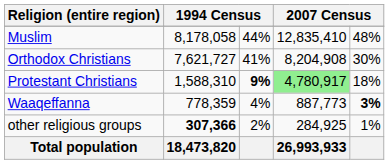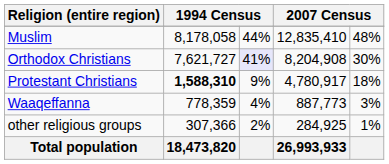 <table class="wikitable" style="text-align: right;">
 <tr bgcolor="#e0e0e0">
 <th rowspan="1">Religion (entire region)</th>
 <th colspan="2">1994 Census</th>
 <th colspan="2">2007 Census</th>
 </tr>
 <tr bgcolor="#e0e0e0">
 </tr>
 <tr>
 <td align="left"><a href='#'>Muslim</a></td>
 <td>8,178,058</td>
 <td>44%</td>
 <td>12,835,410</td>
 <td>48%</td>
 </tr>
 <tr>
 <td align="left"><a href='#'>Orthodox Christians</a></td>
 <td>7,621,727</td>
-<td>41%</td>
+<td style="background: lavender;">41%</td>
 <td>8,204,908</td>
 <td>30%</td>
 </tr>
 <tr>
 <td align="left"><a href='#'>Protestant Christians</a></td>
-<td>1,588,310</td>
-<td><strong>9%</strong></td>
-<td style="background: lightgreen;">4,780,917</td>
+<td><strong>1,588,310</strong></td>
+<td>9%</td>
+<td>4,780,917</td>
 <td>18%</td>
 </tr>
 <tr>
 <td align="left"><a href='#'>Waaqeffanna</a></td>
 <td>778,359</td>
 <td>4%</td>
 <td>887,773</td>
-<td><strong>3%</strong></td>
+<td>3%</td>
 </tr>
 <tr>
 <td align="left">other religious groups</td>
-<td><strong>307,366</strong></td>
+<td>307,366</td>
 <td>2%</td>
 <td>284,925</td>
 <td>1%</td>
 </tr>
 <tr>
 <th align="left">Total population</th>
 <th>18,473,820</th>
 <th></th>
 <th>26,993,933</th>
 <th></th>
 </tr>
 </table>
